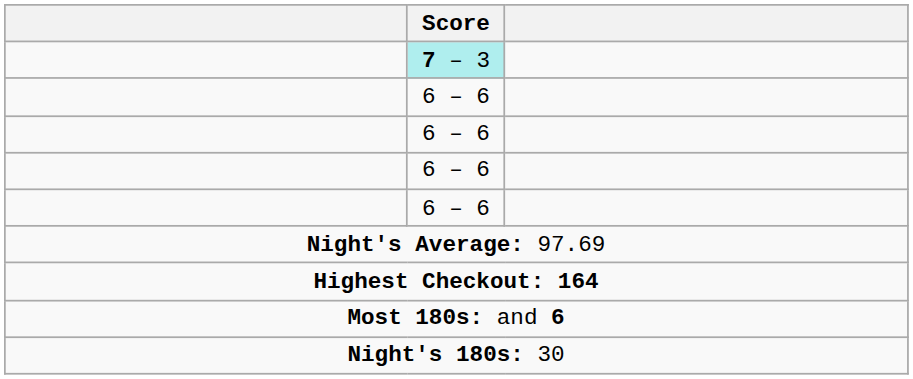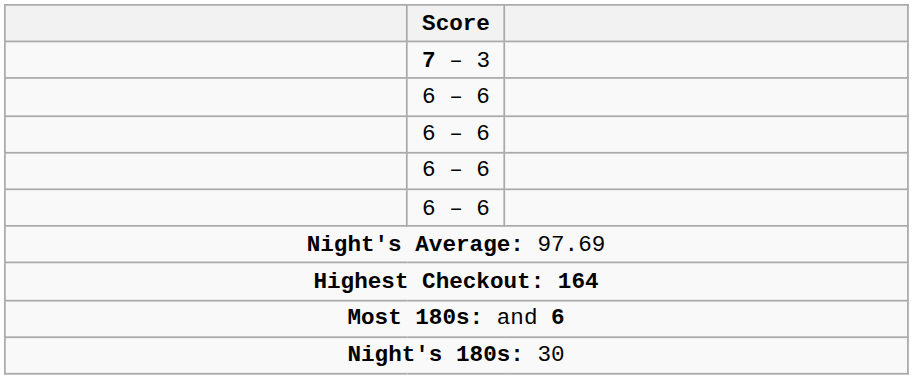 <table class=wikitable style="text-align:center">
 <tr>
 <th width=225></th>
 <th width=50>Score</th>
 <th width=225></th>
 </tr>
 <tr align=left>
 <td align=right></td>
-<td align=center style="background: paleturquoise;"><strong>7</strong> – 3</td>
+<td align=center><strong>7</strong> – 3</td>
 <td></td>
 </tr>
 <tr align=left>
 <td align=right></td>
 <td align=center>6 – 6</td>
 <td></td>
 </tr>
 <tr align=left>
 <td align=right></td>
 <td align=center>6 – 6</td>
 <td></td>
 </tr>
 <tr align=left>
 <td align=right></td>
 <td align=center>6 – 6</td>
 <td></td>
 </tr>
 <tr align=left>
 <td align=right></td>
 <td align=center>6 – 6</td>
 <td></td>
 </tr>
 <tr align=center>
 <td colspan="3"><strong>Night's Average:</strong> 97.69</td>
 </tr>
 <tr align=center>
 <td colspan="3"><strong>Highest Checkout:</strong>  <strong>164</strong></td>
 </tr>
 <tr align=center>
 <td colspan="3"><strong>Most 180s:</strong>  and  <strong>6</strong></td>
 </tr>
 <tr align=center>
 <td colspan="3"><strong>Night's 180s:</strong> 30</td>
 </tr>
 </table>
